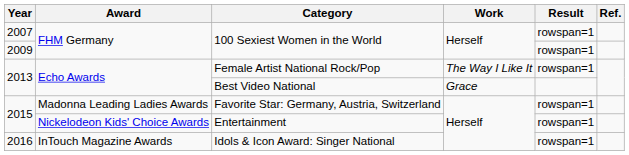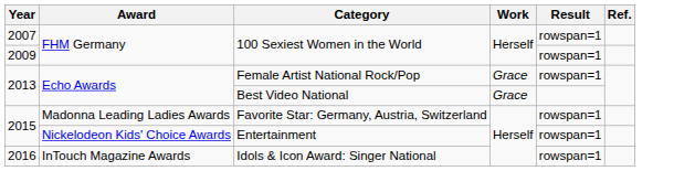 <table class="wikitable">
 <tr>
 <th>Year</th>
 <th>Award</th>
 <th>Category</th>
 <th>Work</th>
 <th>Result</th>
 <th>Ref.</th>
 </tr>
 <tr>
 <td>2007</td>
 <td rowspan="2"><a href='#'>FHM</a> Germany</td>
 <td rowspan="2">100 Sexiest Women in the World</td>
 <td rowspan="2">Herself</td>
 <td>rowspan=1 </td>
 <td></td>
 </tr>
 <tr>
 <td>2009</td>
 <td>rowspan=1 </td>
 <td></td>
 </tr>
 <tr>
 <td rowspan="2">2013</td>
 <td rowspan="2"><a href='#'>Echo Awards</a></td>
 <td>Female Artist National Rock/Pop</td>
-<td><em>The Way I Like It</em></td>
+<td><em>Grace</em></td>
 <td>rowspan=1 </td>
 <td rowspan="2"></td>
 </tr>
 <tr>
 <td>Best Video National</td>
 <td><em>Grace</em></td>
 <td></td>
 </tr>
 <tr>
 <td rowspan="2">2015</td>
 <td>Madonna Leading Ladies Awards</td>
 <td>Favorite Star: Germany, Austria, Switzerland</td>
 <td rowspan="3">Herself</td>
 <td>rowspan=1 </td>
 <td></td>
 </tr>
 <tr>
 <td><a href='#'>Nickelodeon Kids' Choice Awards</a></td>
 <td>Entertainment</td>
 <td>rowspan=1 </td>
 <td></td>
 </tr>
 <tr>
 <td rowspan="1">2016</td>
 <td>InTouch Magazine Awards</td>
 <td>Idols & Icon Award: Singer National</td>
 <td>rowspan=1 </td>
 <td></td>
 </tr>
 </table>
